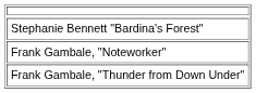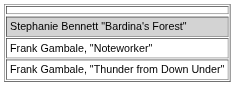 <table border="1" cellpadding="5" colspan="2">
 <tr>
 <th></th>
 </tr>
 <tr>
 </tr>
 <tr>
-<td>Stephanie Bennett "Bardina's Forest"</td>
+<td style="background: lightgrey;">Stephanie Bennett "Bardina's Forest"</td>
 </tr>
 <tr>
 <td>Frank Gambale, "Noteworker"</td>
 </tr>
 <tr>
 <td>Frank Gambale, "Thunder from Down Under"</td>
 </tr>
 </table>
